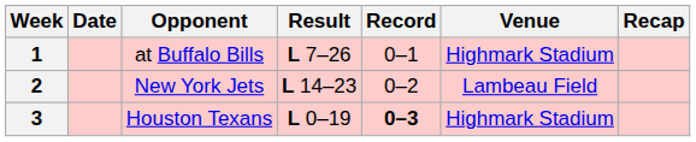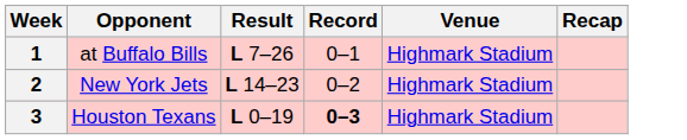 <table class="wikitable" style="text-align:center">
 <tr>
 <th>Week</th>
-<th>Date</th>
 <th>Opponent</th>
 <th>Result</th>
 <th>Record</th>
 <th>Venue</th>
 <th>Recap</th>
 </tr>
 <tr style="background:#fcc">
 <th>1</th>
-<td></td>
 <td>at <a href='#'>Buffalo Bills</a></td>
 <td><strong>L</strong> 7–26</td>
 <td>0–1</td>
 <td><a href='#'>Highmark Stadium</a></td>
 <td></td>
 </tr>
 <tr style="background:#fcc">
 <th>2</th>
-<td></td>
 <td><a href='#'>New York Jets</a></td>
 <td><strong>L</strong> 14–23</td>
 <td>0–2</td>
-<td><a href='#'>Lambeau Field</a></td>
+<td><a href='#'>Highmark Stadium</a></td>
 <td></td>
 </tr>
 <tr style="background:#fcc">
 <th>3</th>
-<td></td>
 <td><a href='#'>Houston Texans</a></td>
 <td><strong>L</strong> 0–19</td>
 <td><strong>0–3</strong></td>
 <td><a href='#'>Highmark Stadium</a></td>
 <td></td>
 </tr>
 </table>
